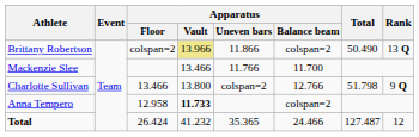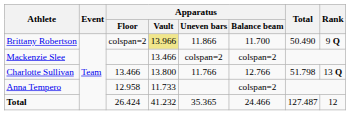 <table class="wikitable" style="text-align:center;font-size:90%">
 <tr>
 <th rowspan=2>Athlete</th>
 <th rowspan=2>Event</th>
 <th colspan=4>Apparatus</th>
 <th rowspan=2>Total</th>
 <th rowspan=2>Rank</th>
 </tr>
 <tr style="font-size:95%">
 <th>Floor</th>
 <th>Vault</th>
 <th>Uneven bars</th>
 <th>Balance beam</th>
 </tr>
 <tr>
 <td align=left><a href='#'>Brittany Robertson</a></td>
 <td align=left rowspan=5><a href='#'>Team</a></td>
 <td>colspan=2 </td>
 <td style="background: khaki;">13.966</td>
 <td>11.866</td>
-<td>colspan=2 </td>
+<td>11.700</td>
 <td>50.490</td>
-<td>13 <strong>Q</strong></td>
+<td>9 <strong>Q</strong></td>
 </tr>
 <tr>
 <td align=left><a href='#'>Mackenzie Slee</a></td>
 <td></td>
 <td>13.466</td>
-<td>11.766</td>
-<td>11.700</td>
+<td>colspan=2 </td>
+<td>colspan=2 </td>
 </tr>
 <tr>
 <td align=left><a href='#'>Charlotte Sullivan</a></td>
 <td>13.466</td>
 <td>13.800</td>
-<td>colspan=2 </td>
+<td>11.766</td>
 <td>12.766</td>
 <td>51.798</td>
-<td>9 <strong>Q</strong></td>
+<td>13 <strong>Q</strong></td>
 </tr>
 <tr>
 <td align=left><a href='#'>Anna Tempero</a></td>
 <td>12.958</td>
-<td><strong>11.733</strong></td>
+<td>11.733</td>
 <td></td>
 <td>colspan=2 </td>
 </tr>
 <tr>
 <td align=left><strong>Total</strong></td>
 <td>26.424</td>
 <td>41.232</td>
 <td>35.365</td>
 <td>24.466</td>
 <td>127.487</td>
 <td>12</td>
 </tr>
 </table>
